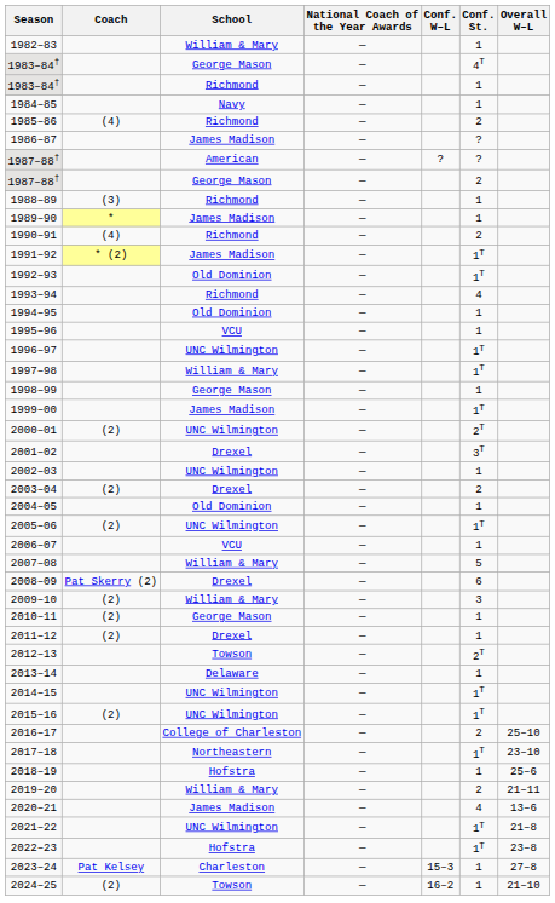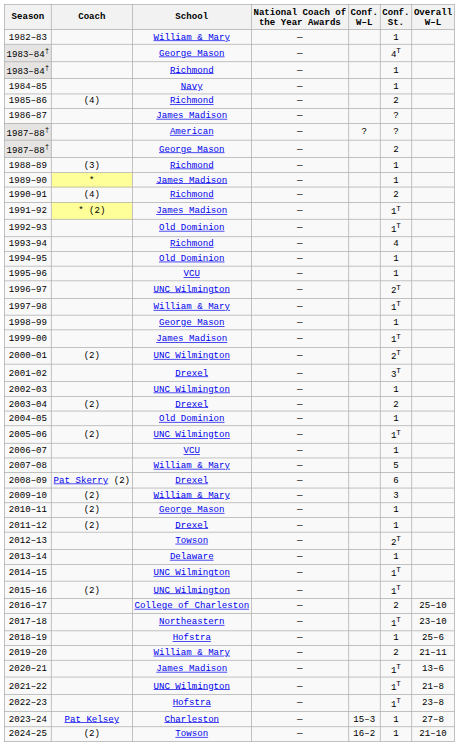 <table class="wikitable sortable" style="text-align:center;">
 <tr>
 <th>Season</th>
 <th>Coach</th>
 <th>School</th>
 <th class=unsortable>National Coach of<br>the Year Awards</th>
 <th>Conf.<br>W–L</th>
 <th>Conf.<br>St.</th>
 <th>Overall<br>W–L</th>
 </tr>
 <tr>
 <td>1982–83</td>
 <td></td>
 <td><a href='#'>William & Mary</a></td>
 <td>—</td>
 <td></td>
 <td>1</td>
 <td></td>
 </tr>
 <tr>
 <td style="background-color:#E5E4E2;">1983–84<sup>†</sup></td>
 <td></td>
 <td><a href='#'>George Mason</a></td>
 <td>—</td>
 <td></td>
 <td>4<sup>T</sup></td>
 <td></td>
 </tr>
 <tr>
 <td style="background-color:#E5E4E2;">1983–84<sup>†</sup></td>
 <td></td>
 <td><a href='#'>Richmond</a></td>
 <td>—</td>
 <td></td>
 <td>1</td>
 <td></td>
 </tr>
 <tr>
 <td>1984–85</td>
 <td></td>
 <td><a href='#'>Navy</a></td>
 <td>—</td>
 <td></td>
 <td>1</td>
 <td></td>
 </tr>
 <tr>
 <td>1985–86</td>
 <td> (4)</td>
 <td><a href='#'>Richmond</a></td>
 <td>—</td>
 <td></td>
 <td>2</td>
 <td></td>
 </tr>
 <tr>
 <td>1986–87</td>
 <td></td>
 <td><a href='#'>James Madison</a></td>
 <td>—</td>
 <td></td>
 <td>?</td>
 <td></td>
 </tr>
 <tr>
 <td style="background-color:#E5E4E2;">1987–88<sup>†</sup></td>
 <td></td>
 <td><a href='#'>American</a></td>
 <td>—</td>
 <td>?</td>
 <td>?</td>
 <td></td>
 </tr>
 <tr>
 <td style="background-color:#E5E4E2;">1987–88<sup>†</sup></td>
 <td></td>
 <td><a href='#'>George Mason</a></td>
 <td>—</td>
 <td></td>
 <td>2</td>
 <td></td>
 </tr>
 <tr>
 <td>1988–89</td>
 <td> (3)</td>
 <td><a href='#'>Richmond</a></td>
 <td>—</td>
 <td></td>
 <td>1</td>
 <td></td>
 </tr>
 <tr>
 <td>1989–90</td>
 <td style="background-color:#FFFF99">*</td>
 <td><a href='#'>James Madison</a></td>
 <td>—</td>
 <td></td>
 <td>1</td>
 <td></td>
 </tr>
 <tr>
 <td>1990–91</td>
 <td> (4)</td>
 <td><a href='#'>Richmond</a></td>
 <td>—</td>
 <td></td>
 <td>2</td>
 <td></td>
 </tr>
 <tr>
 <td>1991–92</td>
 <td style="background-color:#FFFF99">* (2)</td>
 <td><a href='#'>James Madison</a></td>
 <td>—</td>
 <td></td>
 <td>1<sup>T</sup></td>
 <td></td>
 </tr>
 <tr>
 <td>1992–93</td>
 <td></td>
 <td><a href='#'>Old Dominion</a></td>
 <td>—</td>
 <td></td>
 <td>1<sup>T</sup></td>
 <td></td>
 </tr>
 <tr>
 <td>1993–94</td>
 <td></td>
 <td><a href='#'>Richmond</a></td>
 <td>—</td>
 <td></td>
 <td>4</td>
 <td></td>
 </tr>
 <tr>
 <td>1994–95</td>
 <td></td>
 <td><a href='#'>Old Dominion</a></td>
 <td>—</td>
 <td></td>
 <td>1</td>
 <td></td>
 </tr>
 <tr>
 <td>1995–96</td>
 <td></td>
 <td><a href='#'>VCU</a></td>
 <td>—</td>
 <td></td>
 <td>1</td>
 <td></td>
 </tr>
 <tr>
 <td>1996–97</td>
 <td></td>
 <td><a href='#'>UNC Wilmington</a></td>
 <td>—</td>
 <td></td>
-<td>1<sup>T</sup></td>
+<td>2<sup>T</sup></td>
 <td></td>
 </tr>
 <tr>
 <td>1997–98</td>
 <td></td>
 <td><a href='#'>William & Mary</a></td>
 <td>—</td>
 <td></td>
 <td>1<sup>T</sup></td>
 <td></td>
 </tr>
 <tr>
 <td>1998–99</td>
 <td></td>
 <td><a href='#'>George Mason</a></td>
 <td>—</td>
 <td></td>
 <td>1</td>
 <td></td>
 </tr>
 <tr>
 <td>1999–00</td>
 <td></td>
 <td><a href='#'>James Madison</a></td>
 <td>—</td>
 <td></td>
 <td>1<sup>T</sup></td>
 <td></td>
 </tr>
 <tr>
 <td>2000–01</td>
 <td> (2)</td>
 <td><a href='#'>UNC Wilmington</a></td>
 <td>—</td>
 <td></td>
 <td>2<sup>T</sup></td>
 <td></td>
 </tr>
 <tr>
 <td>2001–02</td>
 <td></td>
 <td><a href='#'>Drexel</a></td>
 <td>—</td>
 <td></td>
 <td>3<sup>T</sup></td>
 <td></td>
 </tr>
 <tr>
 <td>2002–03</td>
 <td></td>
 <td><a href='#'>UNC Wilmington</a></td>
 <td>—</td>
 <td></td>
 <td>1</td>
 <td></td>
 </tr>
 <tr>
 <td>2003–04</td>
 <td> (2)</td>
 <td><a href='#'>Drexel</a></td>
 <td>—</td>
 <td></td>
 <td>2</td>
 <td></td>
 </tr>
 <tr>
 <td>2004–05</td>
 <td></td>
 <td><a href='#'>Old Dominion</a></td>
 <td>—</td>
 <td></td>
 <td>1</td>
 <td></td>
 </tr>
 <tr>
 <td>2005–06</td>
 <td> (2)</td>
 <td><a href='#'>UNC Wilmington</a></td>
 <td>—</td>
 <td></td>
 <td>1<sup>T</sup></td>
 <td></td>
 </tr>
 <tr>
 <td>2006–07</td>
 <td></td>
 <td><a href='#'>VCU</a></td>
 <td>—</td>
 <td></td>
 <td>1</td>
 <td></td>
 </tr>
 <tr>
 <td>2007–08</td>
 <td></td>
 <td><a href='#'>William & Mary</a></td>
 <td>—</td>
 <td></td>
 <td>5</td>
 <td></td>
 </tr>
 <tr>
 <td>2008–09</td>
 <td><a href='#'>Pat Skerry</a> (2)</td>
 <td><a href='#'>Drexel</a></td>
 <td>—</td>
 <td></td>
 <td>6</td>
 <td></td>
 </tr>
 <tr>
 <td>2009–10</td>
 <td> (2)</td>
 <td><a href='#'>William & Mary</a></td>
 <td>—</td>
 <td></td>
 <td>3</td>
 <td></td>
 </tr>
 <tr>
 <td>2010–11</td>
 <td> (2)</td>
 <td><a href='#'>George Mason</a></td>
 <td>—</td>
 <td></td>
 <td>1</td>
 <td></td>
 </tr>
 <tr>
 <td>2011–12</td>
 <td> (2)</td>
 <td><a href='#'>Drexel</a></td>
 <td>—</td>
 <td></td>
 <td>1</td>
 <td></td>
 </tr>
 <tr>
 <td>2012–13</td>
 <td></td>
 <td><a href='#'>Towson</a></td>
 <td>—</td>
 <td></td>
 <td>2<sup>T</sup></td>
 <td></td>
 </tr>
 <tr>
 <td>2013–14</td>
 <td></td>
 <td><a href='#'>Delaware</a></td>
 <td>—</td>
 <td></td>
 <td>1</td>
 <td></td>
 </tr>
 <tr>
 <td>2014–15</td>
 <td></td>
 <td><a href='#'>UNC Wilmington</a></td>
 <td>—</td>
 <td></td>
 <td>1<sup>T</sup></td>
 <td></td>
 </tr>
 <tr>
 <td>2015–16</td>
 <td> (2)</td>
 <td><a href='#'>UNC Wilmington</a></td>
 <td>—</td>
 <td></td>
 <td>1<sup>T</sup></td>
 <td></td>
 </tr>
 <tr>
 <td>2016–17</td>
 <td></td>
 <td><a href='#'>College of Charleston</a></td>
 <td>—</td>
 <td></td>
 <td>2</td>
 <td>25–10</td>
 </tr>
 <tr>
 <td>2017–18</td>
 <td></td>
 <td><a href='#'>Northeastern</a></td>
 <td>—</td>
 <td></td>
 <td>1<sup>T</sup></td>
 <td>23–10</td>
 </tr>
 <tr>
 <td>2018–19</td>
 <td></td>
 <td><a href='#'>Hofstra</a></td>
 <td>—</td>
 <td></td>
 <td>1</td>
 <td>25–6</td>
 </tr>
 <tr>
 <td>2019–20</td>
 <td></td>
 <td><a href='#'>William & Mary</a></td>
 <td>—</td>
 <td></td>
 <td>2</td>
 <td>21–11</td>
 </tr>
 <tr>
 <td>2020–21</td>
 <td></td>
 <td><a href='#'>James Madison</a></td>
 <td>—</td>
 <td></td>
-<td>4</td>
+<td>1<sup>T</sup></td>
 <td>13–6</td>
 </tr>
 <tr>
 <td>2021–22</td>
 <td></td>
 <td><a href='#'>UNC Wilmington</a></td>
 <td>—</td>
 <td></td>
 <td>1<sup>T</sup></td>
 <td>21–8</td>
 </tr>
 <tr>
 <td>2022–23</td>
 <td></td>
 <td><a href='#'>Hofstra</a></td>
 <td>—</td>
 <td></td>
 <td>1<sup>T</sup></td>
 <td>23–8</td>
 </tr>
 <tr>
 <td>2023–24</td>
 <td><a href='#'>Pat Kelsey</a></td>
 <td><a href='#'>Charleston</a></td>
 <td>—</td>
 <td>15–3</td>
 <td>1</td>
 <td>27–8</td>
 </tr>
 <tr>
 <td>2024–25</td>
 <td> (2)</td>
 <td><a href='#'>Towson</a></td>
 <td>—</td>
 <td>16–2</td>
 <td>1</td>
 <td>21–10</td>
 </tr>
 </table>
